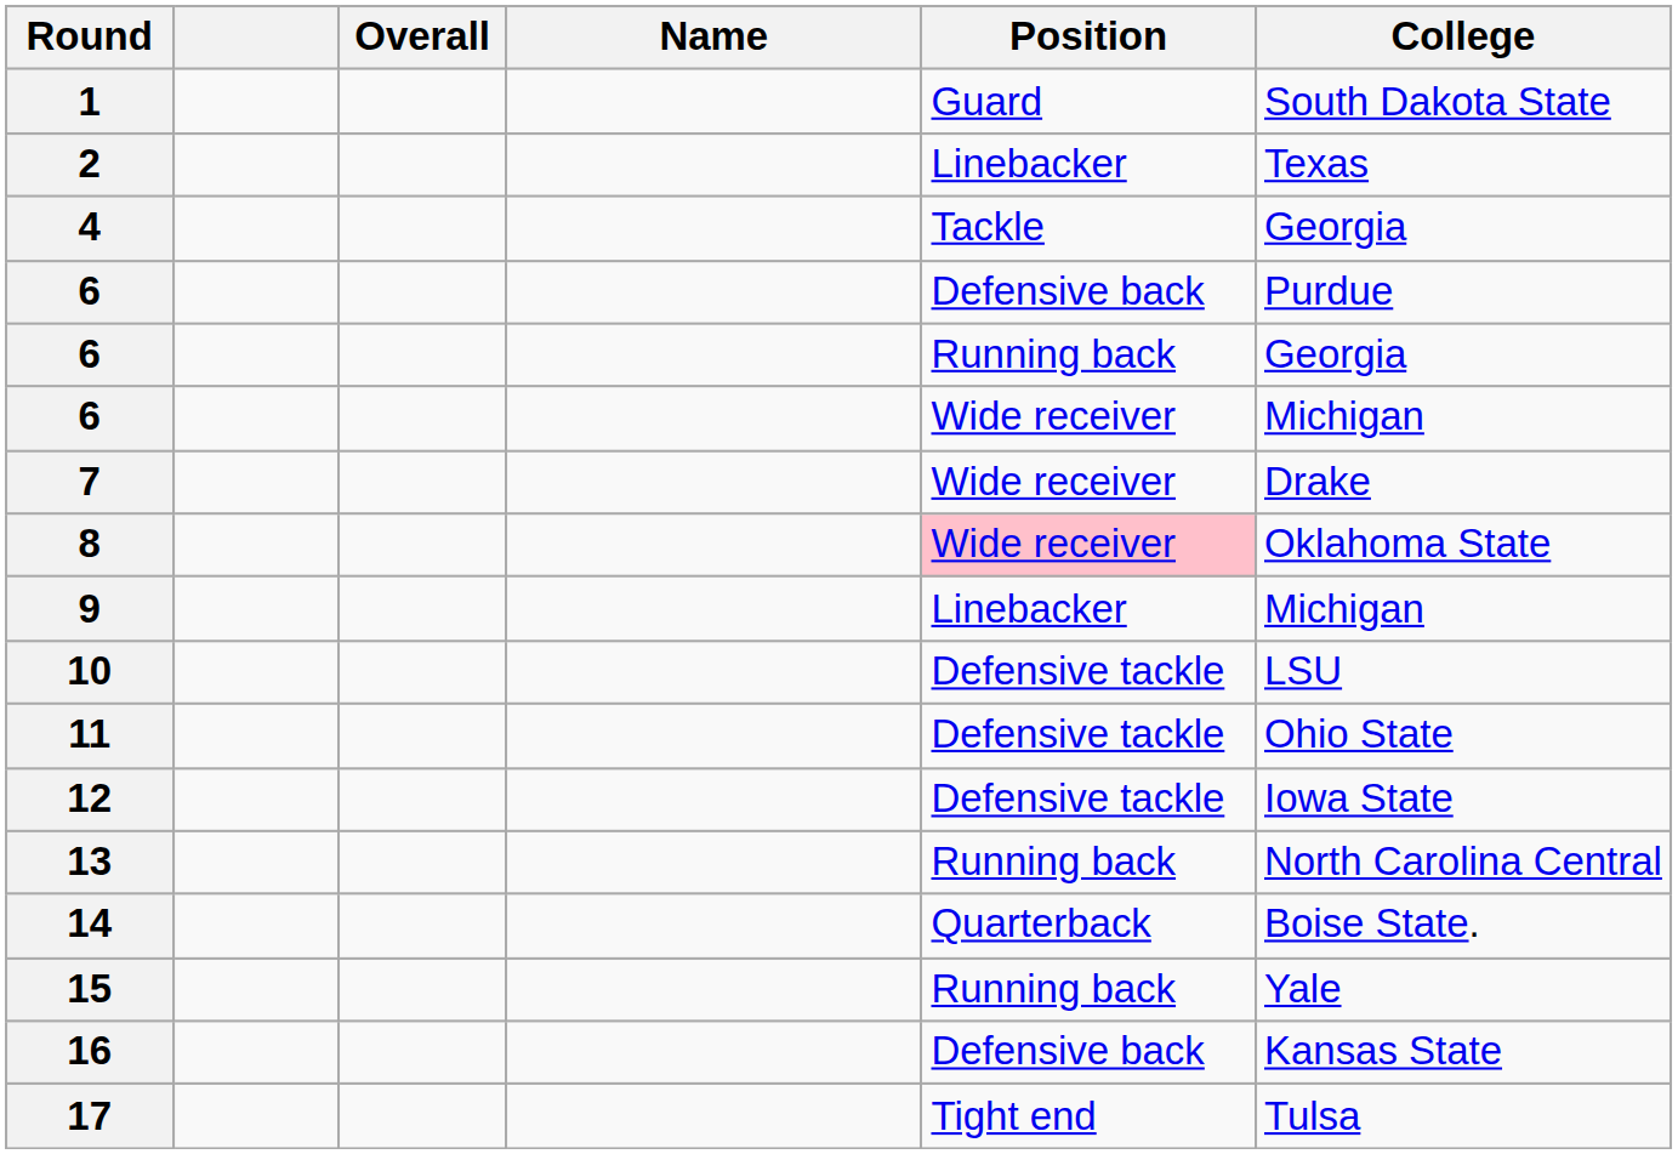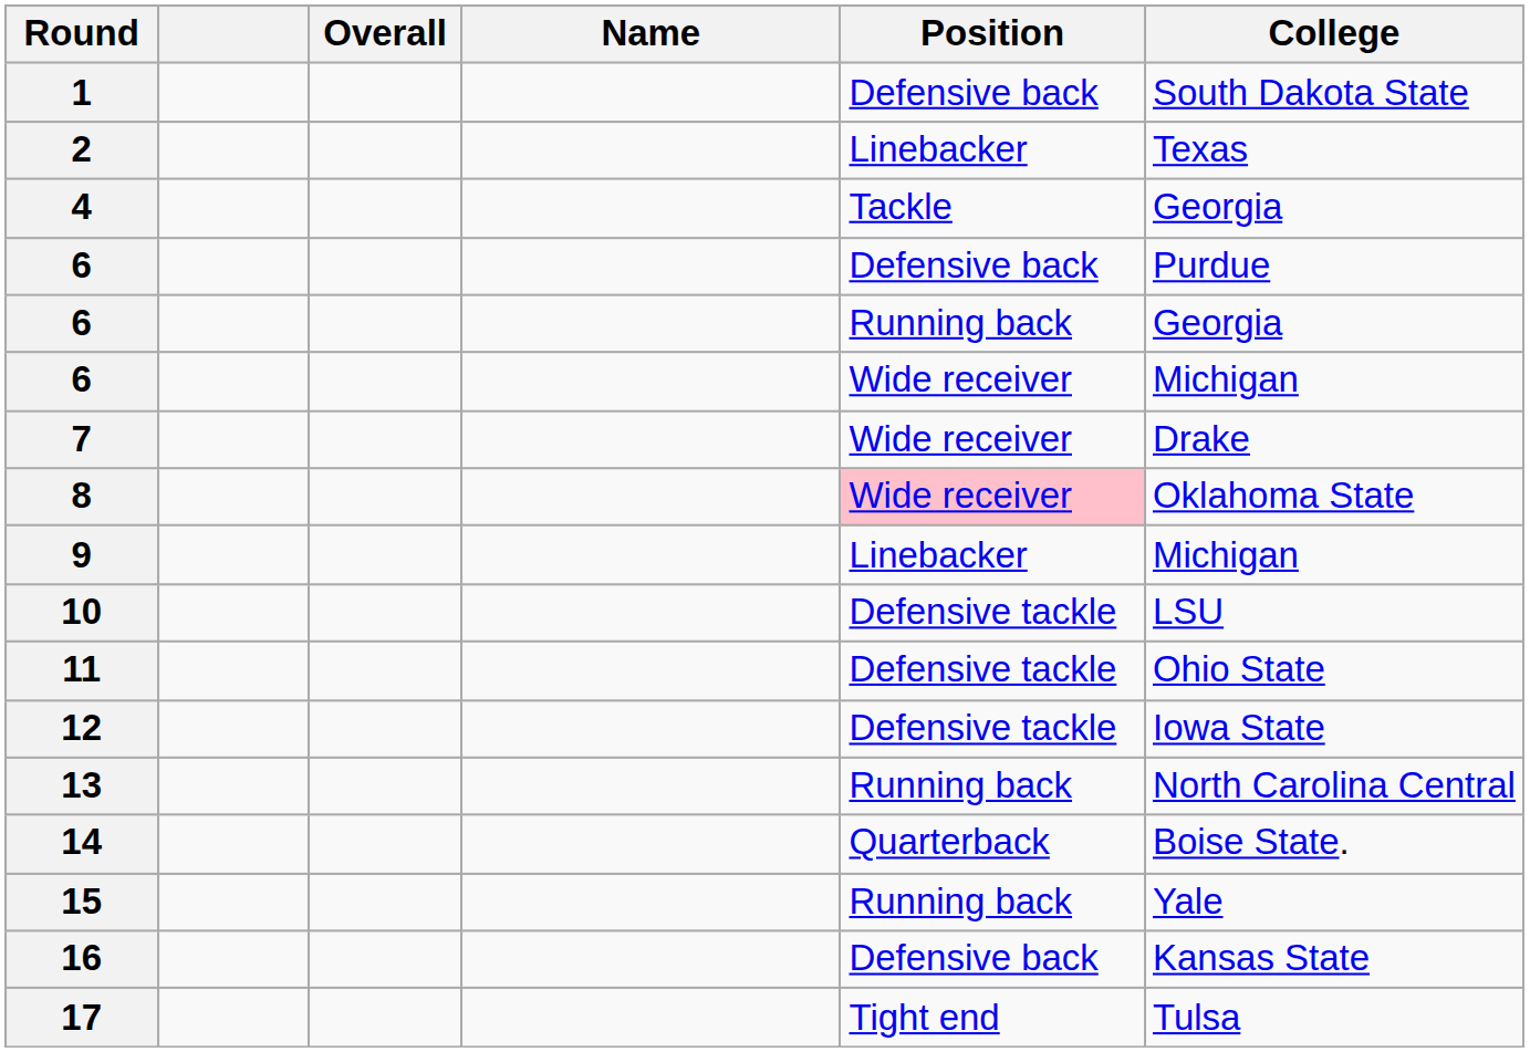 <table class="wikitable sortable">
 <tr>
 <th scope="col" style="width: 10%;">Round</th>
 <th scope="col" style="width: 10%;"></th>
 <th scope="col" style="width: 10%;">Overall</th>
 <th scope="col" style="width: 25%;">Name</th>
 <th scope="col" style="width: 20%;">Position</th>
 <th scope="col" style="width: 25%;">College</th>
 </tr>
 <tr>
 <th scope="row">1</th>
 <td></td>
 <td></td>
 <td></td>
-<td><a href='#'>Guard</a></td>
+<td><a href='#'>Defensive back</a></td>
 <td><a href='#'>South Dakota State</a></td>
 </tr>
 <tr>
 <th scope="row">2</th>
 <td></td>
 <td></td>
 <td></td>
 <td><a href='#'>Linebacker</a></td>
 <td><a href='#'>Texas</a></td>
 </tr>
 <tr>
 <th scope="row">4</th>
 <td></td>
 <td></td>
 <td></td>
 <td><a href='#'>Tackle</a></td>
 <td><a href='#'>Georgia</a></td>
 </tr>
 <tr>
 <th scope="row">6</th>
 <td></td>
 <td></td>
 <td></td>
 <td><a href='#'>Defensive back</a></td>
 <td><a href='#'>Purdue</a></td>
 </tr>
 <tr>
 <th scope="row">6</th>
 <td></td>
 <td></td>
 <td></td>
 <td><a href='#'>Running back</a></td>
 <td><a href='#'>Georgia</a></td>
 </tr>
 <tr>
 <th scope="row">6</th>
 <td></td>
 <td></td>
 <td></td>
 <td><a href='#'>Wide receiver</a></td>
 <td><a href='#'>Michigan</a></td>
 </tr>
 <tr>
 <th scope="row">7</th>
 <td></td>
 <td></td>
 <td></td>
 <td><a href='#'>Wide receiver</a></td>
 <td><a href='#'>Drake</a></td>
 </tr>
 <tr>
 <th scope="row">8</th>
 <td></td>
 <td></td>
 <td></td>
 <td style="background: pink;"><a href='#'>Wide receiver</a></td>
 <td><a href='#'>Oklahoma State</a></td>
 </tr>
 <tr>
 <th scope="row">9</th>
 <td></td>
 <td></td>
 <td></td>
 <td><a href='#'>Linebacker</a></td>
 <td><a href='#'>Michigan</a></td>
 </tr>
 <tr>
 <th scope="row">10</th>
 <td></td>
 <td></td>
 <td></td>
 <td><a href='#'>Defensive tackle</a></td>
 <td><a href='#'>LSU</a></td>
 </tr>
 <tr>
 <th scope="row">11</th>
 <td></td>
 <td></td>
 <td></td>
 <td><a href='#'>Defensive tackle</a></td>
 <td><a href='#'>Ohio State</a></td>
 </tr>
 <tr>
 <th scope="row">12</th>
 <td></td>
 <td></td>
 <td></td>
 <td><a href='#'>Defensive tackle</a></td>
 <td><a href='#'>Iowa State</a></td>
 </tr>
 <tr>
 <th scope="row">13</th>
 <td></td>
 <td></td>
 <td></td>
 <td><a href='#'>Running back</a></td>
 <td><a href='#'>North Carolina Central</a></td>
 </tr>
 <tr>
 <th scope="row">14</th>
 <td></td>
 <td></td>
 <td></td>
 <td><a href='#'>Quarterback</a></td>
 <td><a href='#'>Boise State</a>.</td>
 </tr>
 <tr>
 <th scope="row">15</th>
 <td></td>
 <td></td>
 <td></td>
 <td><a href='#'>Running back</a></td>
 <td><a href='#'>Yale</a></td>
 </tr>
 <tr>
 <th scope="row">16</th>
 <td></td>
 <td></td>
 <td></td>
 <td><a href='#'>Defensive back</a></td>
 <td><a href='#'>Kansas State</a></td>
 </tr>
 <tr>
 <th scope="row">17</th>
 <td></td>
 <td></td>
 <td></td>
 <td><a href='#'>Tight end</a></td>
 <td><a href='#'>Tulsa</a></td>
 </tr>
 </table>
